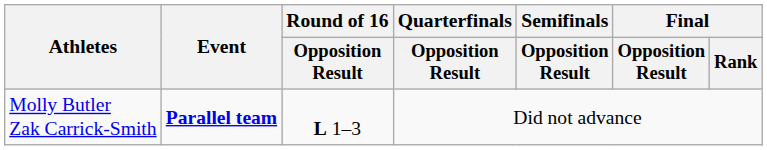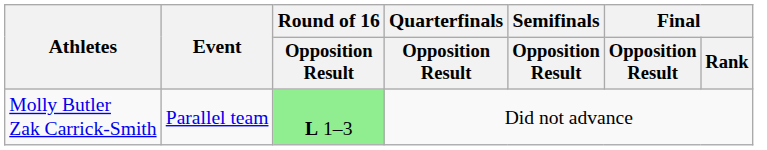 <table class="wikitable" style="font-size:90%">
 <tr>
 <th rowspan="2">Athletes</th>
 <th rowspan="2">Event</th>
 <th>Round of 16</th>
 <th>Quarterfinals</th>
 <th>Semifinals</th>
 <th colspan=2>Final</th>
 </tr>
 <tr style="font-size:95%">
 <th>Opposition<br>Result</th>
 <th>Opposition<br>Result</th>
 <th>Opposition<br>Result</th>
 <th>Opposition<br>Result</th>
 <th>Rank</th>
 </tr>
 <tr align=center>
 <td align=left><a href='#'>Molly Butler</a><br><a href='#'>Zak Carrick-Smith</a></td>
-<td align=left><strong><a href='#'>Parallel team</a></strong></td>
-<td><br><strong>L</strong> 1–3</td>
+<td align=left><a href='#'>Parallel team</a></td>
+<td style="background: lightgreen;"><br><strong>L</strong> 1–3</td>
 <td colspan=4>Did not advance</td>
 </tr>
 </table>
